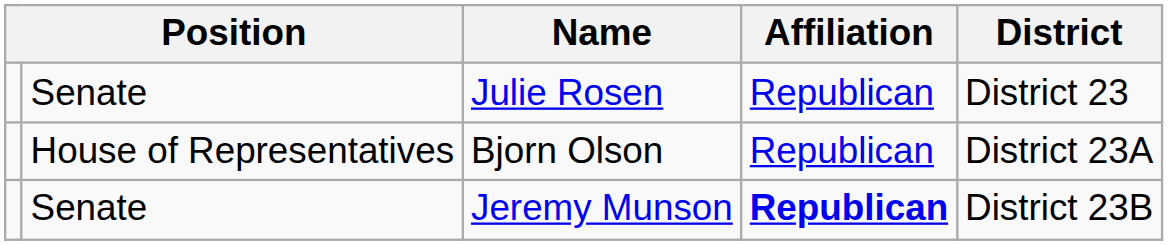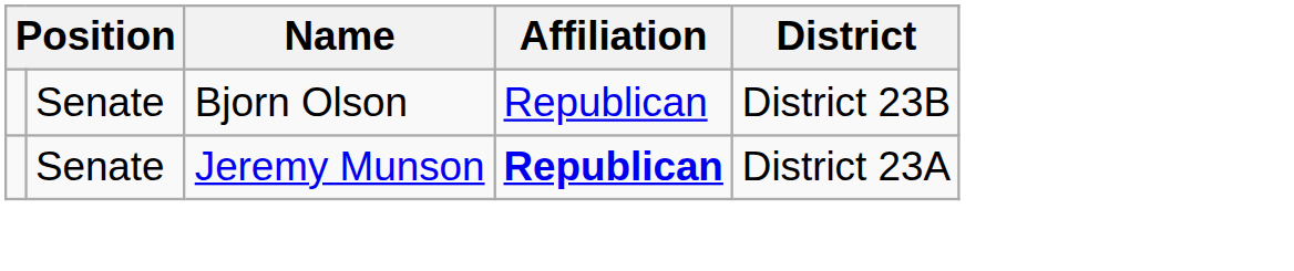 <table class="wikitable">
 <tr>
 <th colspan="2">Position</th>
 <th>Name</th>
 <th>Affiliation</th>
 <th>District</th>
 </tr>
 <tr>
 <td style="background-color:"></td>
 <td>Senate</td>
-<td><a href='#'>Julie Rosen</a></td>
-<td><a href='#'>Republican</a></td>
-<td>District 23</td>
-</tr>
-<tr>
-<td style="background-color:"></td>
-<td>House of Representatives</td>
 <td>Bjorn Olson</td>
 <td><a href='#'>Republican</a></td>
-<td>District 23A</td>
+<td>District 23B</td>
 </tr>
 <tr>
 <td style="background-color:"></td>
 <td>Senate</td>
 <td><a href='#'>Jeremy Munson</a></td>
 <td><strong><a href='#'>Republican</a></strong></td>
-<td>District 23B</td>
+<td>District 23A</td>
 </tr>
 </table>
